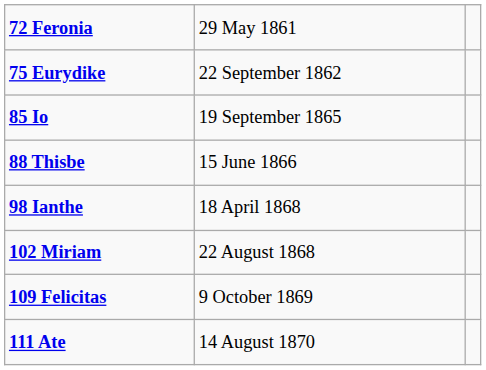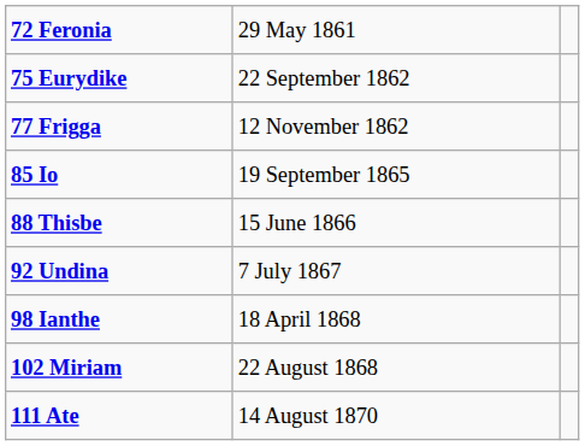 <table class="wikitable" style="font-size: 89%; float: left; width: 26em; margin-right: 1em; height: 280px;">
 <tr>
 <td><strong><a href='#'>72 Feronia</a></strong></td>
 <td>29 May 1861</td>
 <td></td>
 </tr>
 <tr>
 <td><strong><a href='#'>75 Eurydike</a></strong></td>
 <td>22 September 1862</td>
+<td></td>
+</tr>
+<tr>
+<td><strong><a href='#'>77 Frigga</a></strong></td>
+<td>12 November 1862</td>
 <td></td>
 </tr>
 <tr>
 <td><strong><a href='#'>85 Io</a></strong></td>
 <td>19 September 1865</td>
 <td></td>
 </tr>
 <tr>
 <td><strong><a href='#'>88 Thisbe</a></strong></td>
 <td>15 June 1866</td>
 <td></td>
 </tr>
 <tr>
+<td><strong><a href='#'>92 Undina</a></strong></td>
+<td>7 July 1867</td>
+<td></td>
+</tr>
+<tr>
 <td><strong><a href='#'>98 Ianthe</a></strong></td>
 <td>18 April 1868</td>
 <td></td>
 </tr>
 <tr>
 <td><strong><a href='#'>102 Miriam</a></strong></td>
 <td>22 August 1868</td>
 <td></td>
 </tr>
 <tr>
-<td><strong><a href='#'>109 Felicitas</a></strong></td>
-<td>9 October 1869</td>
-<td></td>
-</tr>
-<tr>
 <td><strong><a href='#'>111 Ate</a></strong></td>
 <td>14 August 1870</td>
 <td></td>
 </tr>
 </table>
